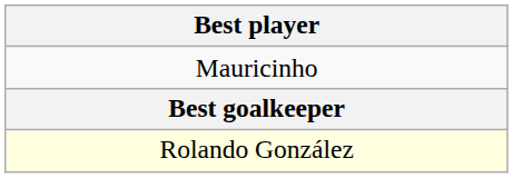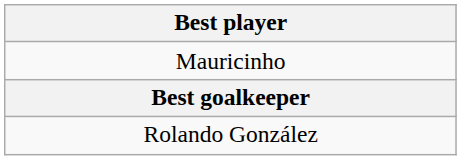 <table class="wikitable">
 <tr>
 <th width=300>Best player</th>
 </tr>
 <tr>
 <td style="text-align:center;"> Mauricinho</td>
 </tr>
 <tr>
 <th>Best goalkeeper</th>
 </tr>
 <tr>
-<td style="background: lightyellow; text-align:center;"> Rolando González</td>
+<td style="text-align:center;"> Rolando González</td>
 </tr>
 </table>
